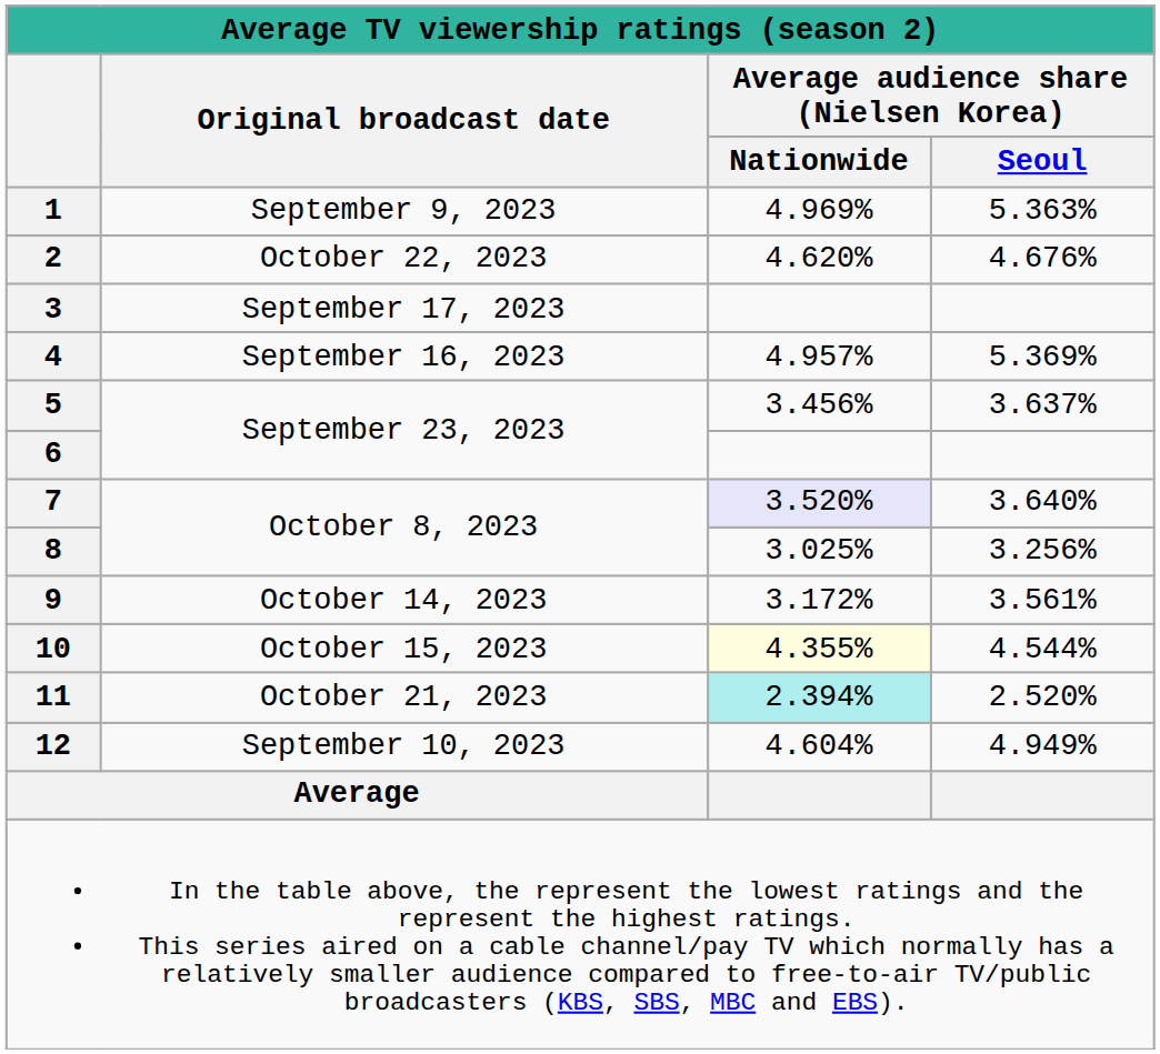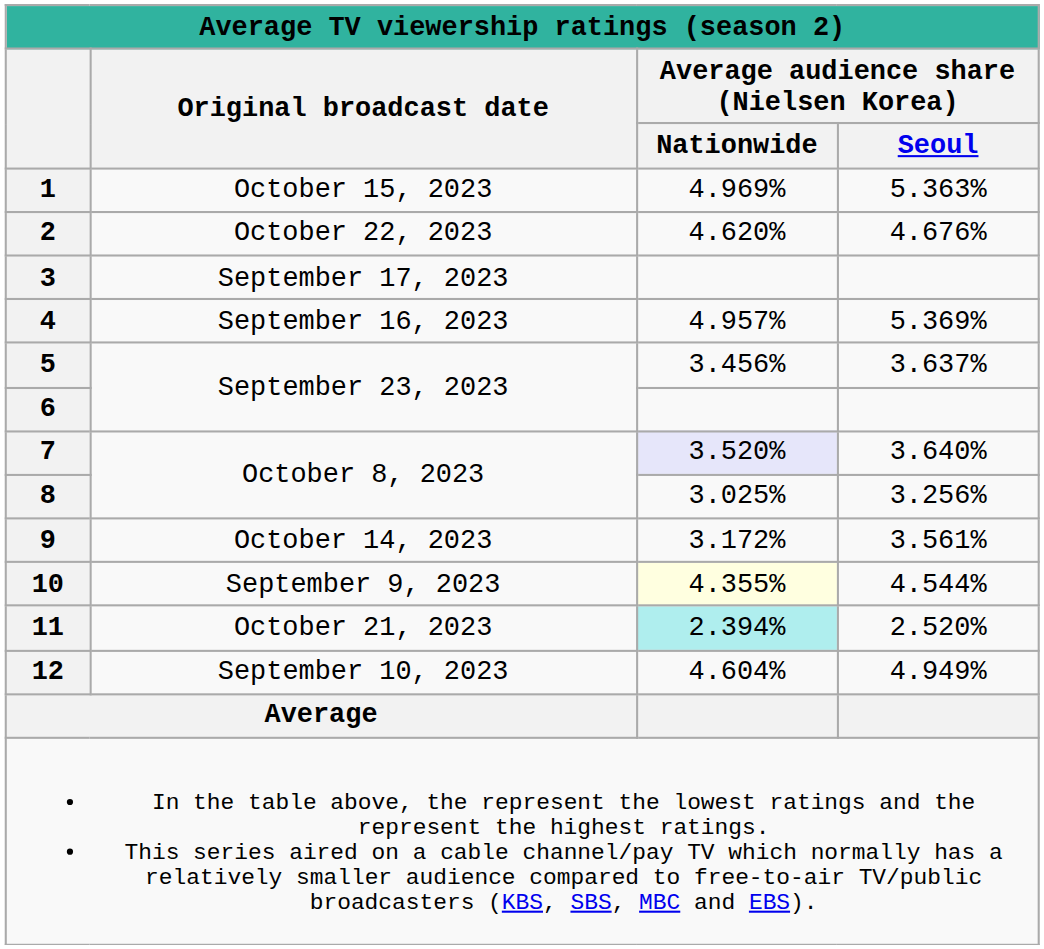 <table class="wikitable collapsible collapsed" style="text-align:center;max-width:500px; margin-left: auto; margin-right: auto; border: none;">
 <tr>
 <th scope="col" colspan="6" style="background:#30B39F; text-align:center">Average TV viewership ratings (season 2)</th>
 </tr>
 <tr>
 <th scope="col" rowspan="2"></th>
 <th scope="col" rowspan="2">Original broadcast date</th>
 <th scope="col" colspan="2">Average audience share<br>(Nielsen Korea)</th>
 </tr>
 <tr>
 <th scope="col" style="width:7em">Nationwide</th>
 <th scope="col" style="width:7em"><a href='#'>Seoul</a></th>
 </tr>
 <tr>
 <th scope="row">1</th>
-<td>September 9, 2023</td>
+<td>October 15, 2023</td>
 <td>4.969% </td>
 <td>5.363% </td>
 </tr>
 <tr>
 <th scope="row">2</th>
 <td>October 22, 2023</td>
 <td>4.620% </td>
 <td>4.676% </td>
 </tr>
 <tr>
 <th scope="row">3</th>
 <td>September 17, 2023</td>
 <td><strong></strong> </td>
 <td><strong></strong> </td>
 </tr>
 <tr>
 <th scope="row">4</th>
 <td>September 16, 2023</td>
 <td>4.957% </td>
 <td>5.369% </td>
 </tr>
 <tr>
 <th scope="row">5</th>
 <td rowspan="2">September 23, 2023</td>
 <td>3.456% </td>
 <td>3.637% </td>
 </tr>
 <tr>
 <th scope="row">6</th>
 <td><strong></strong> </td>
 <td><strong></strong> </td>
 </tr>
 <tr>
 <th scope="row">7</th>
 <td rowspan="2">October 8, 2023</td>
 <td style="background: lavender;">3.520% </td>
 <td>3.640% </td>
 </tr>
 <tr>
 <th scope="row">8</th>
 <td>3.025% </td>
 <td>3.256% </td>
 </tr>
 <tr>
 <th scope="row">9</th>
 <td>October 14, 2023</td>
 <td>3.172% </td>
 <td>3.561% </td>
 </tr>
 <tr>
 <th scope="row">10</th>
-<td>October 15, 2023</td>
+<td>September 9, 2023</td>
 <td style="background: lightyellow;">4.355% </td>
 <td>4.544% </td>
 </tr>
 <tr>
 <th scope="row">11</th>
 <td>October 21, 2023</td>
 <td style="background: paleturquoise;">2.394% </td>
 <td>2.520% </td>
 </tr>
 <tr>
 <th scope="row">12</th>
 <td>September 10, 2023</td>
 <td>4.604% </td>
 <td>4.949% </td>
 </tr>
 <tr>
 <th scope="col" colspan="2">Average</th>
 <th></th>
 <th></th>
 </tr>
 <tr>
 <td colspan="4" style="font-size:85%"><br><ul><li>In the table above, the <strong></strong> represent the lowest ratings and the <strong></strong> represent the highest ratings.</li><li>This series aired on a cable channel/pay TV which normally has a relatively smaller audience compared to free-to-air TV/public broadcasters (<a href='#'>KBS</a>, <a href='#'>SBS</a>, <a href='#'>MBC</a> and <a href='#'>EBS</a>).</li></ul></td>
 </tr>
 </table>
